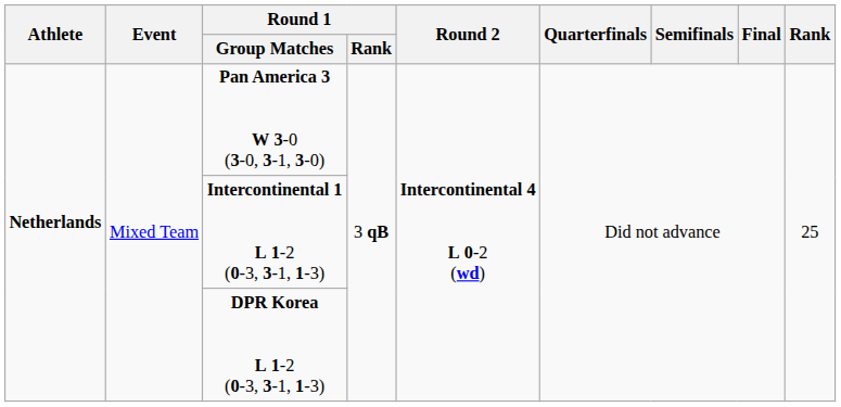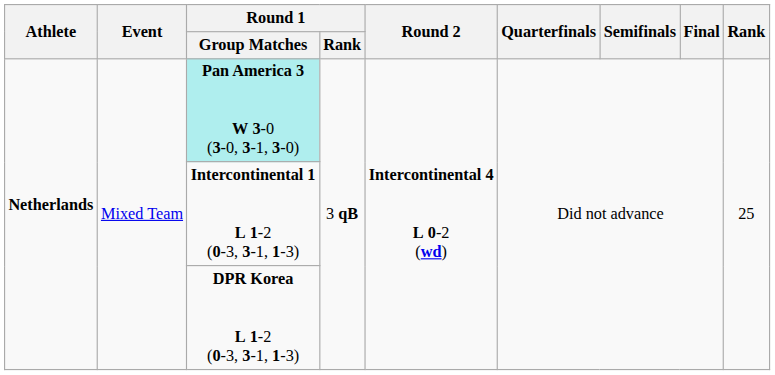 <table class="wikitable" border="1" style="font-size:90%">
 <tr>
 <th rowspan=2>Athlete</th>
 <th rowspan=2>Event</th>
 <th colspan=2>Round 1</th>
 <th rowspan=2>Round 2</th>
 <th rowspan=2>Quarterfinals</th>
 <th rowspan=2>Semifinals</th>
 <th rowspan=2>Final</th>
 <th rowspan=2>Rank</th>
 </tr>
 <tr>
 <th>Group Matches</th>
 <th>Rank</th>
 </tr>
 <tr>
 <td rowspan=3><strong>Netherlands</strong><br><br></td>
 <td rowspan=3><a href='#'>Mixed Team</a></td>
-<td align=center><strong>Pan America 3</strong><br><br><br> <strong>W</strong> <strong>3</strong>-0 <br> (<strong>3</strong>-0, <strong>3</strong>-1, <strong>3</strong>-0)</td>
+<td align=center style="background: paleturquoise;"><strong>Pan America 3</strong><br><br><br> <strong>W</strong> <strong>3</strong>-0 <br> (<strong>3</strong>-0, <strong>3</strong>-1, <strong>3</strong>-0)</td>
 <td rowspan=3 align=center>3 <strong>qB</strong></td>
 <td align=center rowspan=3><strong>Intercontinental 4</strong><br><br><br> <strong>L</strong> <strong>0</strong>-2 <br> (<strong><a href='#'>wd</a></strong>)</td>
 <td rowspan=3 colspan=3 align=center>Did not advance</td>
 <td rowspan=3 align=center>25</td>
 </tr>
 <tr>
 <td align=center><strong>Intercontinental 1</strong><br><br><br> <strong>L</strong> <strong>1</strong>-2 <br> (<strong>0</strong>-3, <strong>3</strong>-1, <strong>1</strong>-3)</td>
 </tr>
 <tr>
 <td align=center><strong>DPR Korea</strong><br><br><br> <strong>L</strong> <strong>1</strong>-2 <br> (<strong>0</strong>-3, <strong>3</strong>-1, <strong>1</strong>-3)</td>
 </tr>
 </table>
